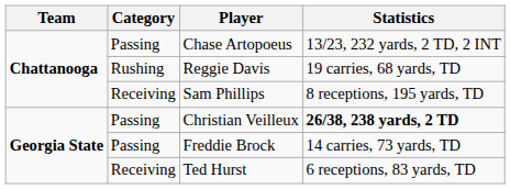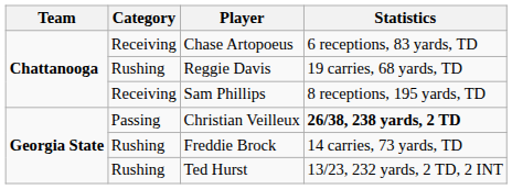 <table class="wikitable" style="float: right;">
 <tr>
 <th>Team</th>
 <th>Category</th>
 <th>Player</th>
 <th>Statistics</th>
 </tr>
 <tr>
 <td rowspan=3><strong>Chattanooga</strong></td>
-<td>Passing</td>
+<td>Receiving</td>
 <td>Chase Artopoeus</td>
-<td>13/23, 232 yards, 2 TD, 2 INT</td>
+<td>6 receptions, 83 yards, TD</td>
 </tr>
 <tr>
 <td>Rushing</td>
 <td>Reggie Davis</td>
 <td>19 carries, 68 yards, TD</td>
 </tr>
 <tr>
 <td>Receiving</td>
 <td>Sam Phillips</td>
 <td>8 receptions, 195 yards, TD</td>
 </tr>
 <tr>
 <td rowspan=3><strong>Georgia State</strong></td>
 <td>Passing</td>
 <td>Christian Veilleux</td>
 <td><strong>26/38, 238 yards, 2 TD</strong></td>
 </tr>
 <tr>
-<td>Passing</td>
+<td>Rushing</td>
 <td>Freddie Brock</td>
 <td>14 carries, 73 yards, TD</td>
 </tr>
 <tr>
-<td>Receiving</td>
+<td>Rushing</td>
 <td>Ted Hurst</td>
-<td>6 receptions, 83 yards, TD</td>
+<td>13/23, 232 yards, 2 TD, 2 INT</td>
 </tr>
 </table>
